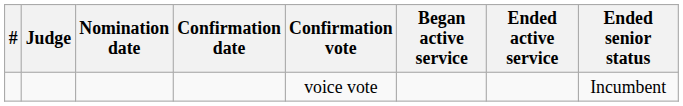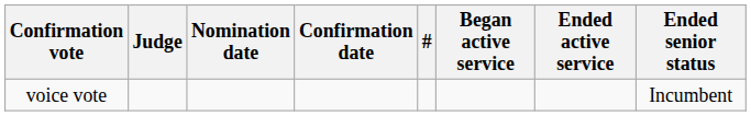 <table class="sortable wikitable">
 <tr>
-<th>#</th>
+<th>Confirmation<br>vote</th>
 <th>Judge</th>
 <th>Nomination<br>date</th>
 <th>Confirmation<br>date</th>
-<th>Confirmation<br>vote</th>
+<th>#</th>
 <th>Began active<br>service</th>
 <th>Ended active<br>service</th>
 <th>Ended senior<br>status</th>
 </tr>
 <tr>
+<td align=center>voice vote</td>
 <td></td>
 <td></td>
 <td></td>
 <td></td>
-<td align=center>voice vote</td>
 <td></td>
 <td></td>
 <td align=center>Incumbent</td>
 </tr>
 </table>
